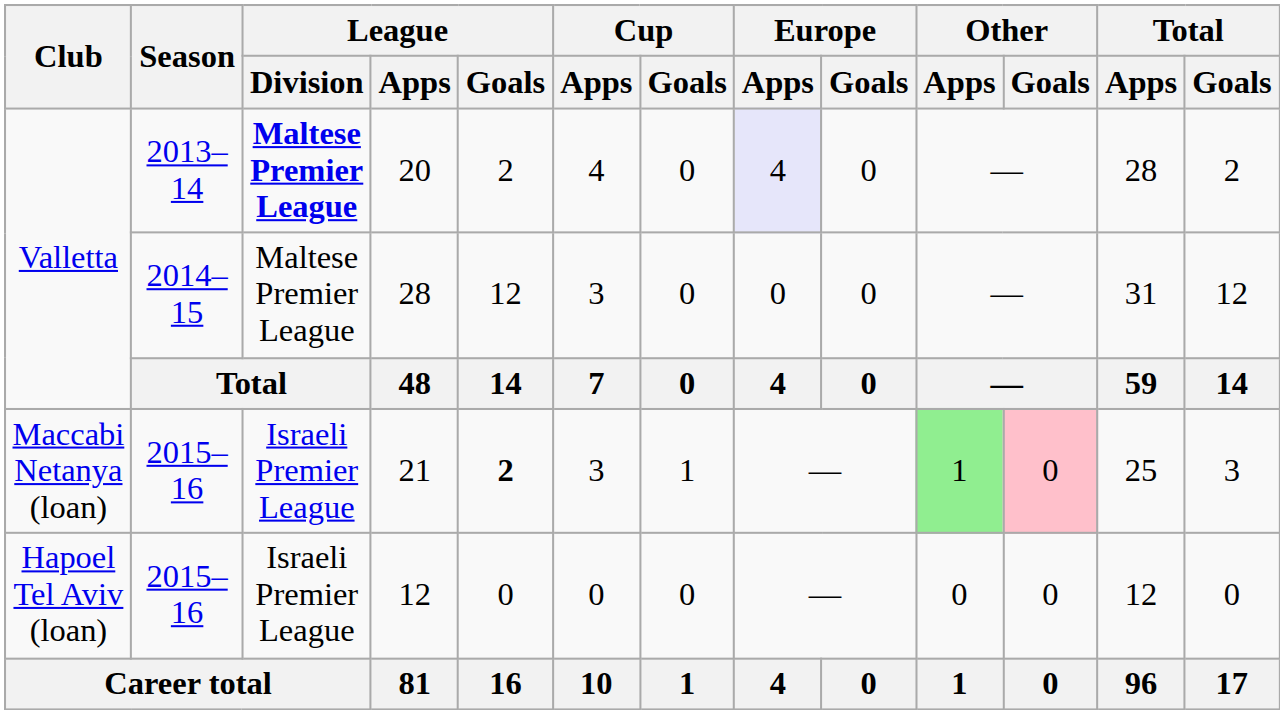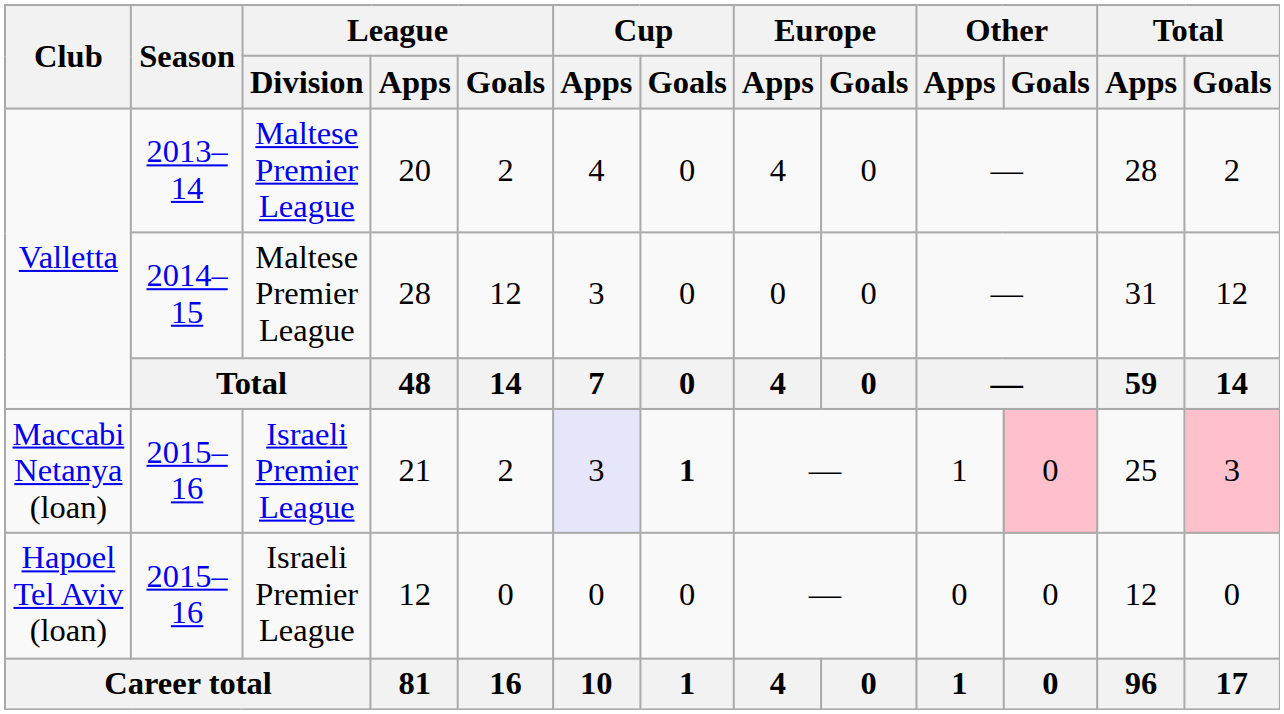 <table class="wikitable" style="text-align: center;">
 <tr>
 <th rowspan="2">Club</th>
 <th rowspan="2">Season</th>
 <th colspan="3">League</th>
 <th colspan="2">Cup</th>
 <th colspan="2">Europe</th>
 <th colspan="2">Other</th>
 <th colspan="2">Total</th>
 </tr>
 <tr>
 <th>Division</th>
 <th>Apps</th>
 <th>Goals</th>
 <th>Apps</th>
 <th>Goals</th>
 <th>Apps</th>
 <th>Goals</th>
 <th>Apps</th>
 <th>Goals</th>
 <th>Apps</th>
 <th>Goals</th>
 </tr>
 <tr>
 <td rowspan="3" valign="center"><a href='#'>Valletta</a></td>
 <td><a href='#'>2013–14</a></td>
-<td><strong><a href='#'>Maltese Premier League</a></strong></td>
+<td><a href='#'>Maltese Premier League</a></td>
 <td>20</td>
 <td>2</td>
 <td>4</td>
 <td>0</td>
-<td style="background: lavender;">4</td>
+<td>4</td>
 <td>0</td>
 <td colspan="2">—</td>
 <td>28</td>
 <td>2</td>
 </tr>
 <tr>
 <td><a href='#'>2014–15</a></td>
 <td>Maltese Premier League</td>
 <td>28</td>
 <td>12</td>
 <td>3</td>
 <td>0</td>
 <td>0</td>
 <td>0</td>
 <td colspan="2">—</td>
 <td>31</td>
 <td>12</td>
 </tr>
 <tr>
 <th colspan="2">Total</th>
 <th>48</th>
 <th>14</th>
 <th>7</th>
 <th>0</th>
 <th>4</th>
 <th>0</th>
 <th colspan="2">—</th>
 <th>59</th>
 <th>14</th>
 </tr>
 <tr>
 <td rowspan="1" valign="center"><a href='#'>Maccabi Netanya</a> (loan)</td>
 <td><a href='#'>2015–16</a></td>
 <td><a href='#'>Israeli Premier League</a></td>
 <td>21</td>
-<td><strong>2</strong></td>
-<td>3</td>
+<td>2</td>
+<td style="background: lavender;">3</td>
+<td><strong>1</strong></td>
+<td colspan="2">—</td>
 <td>1</td>
-<td colspan="2">—</td>
-<td style="background: lightgreen;">1</td>
 <td style="background: pink;">0</td>
 <td>25</td>
-<td>3</td>
+<td style="background: pink;">3</td>
 </tr>
 <tr>
 <td rowspan="1" valign="center"><a href='#'>Hapoel Tel Aviv</a> (loan)</td>
 <td><a href='#'>2015–16</a></td>
 <td>Israeli Premier League</td>
 <td>12</td>
 <td>0</td>
 <td>0</td>
 <td>0</td>
 <td colspan="2">—</td>
 <td>0</td>
 <td>0</td>
 <td>12</td>
 <td>0</td>
 </tr>
 <tr>
 <th colspan="3">Career total</th>
 <th>81</th>
 <th>16</th>
 <th>10</th>
 <th>1</th>
 <th>4</th>
 <th>0</th>
 <th>1</th>
 <th>0</th>
 <th>96</th>
 <th>17</th>
 </tr>
 </table>
